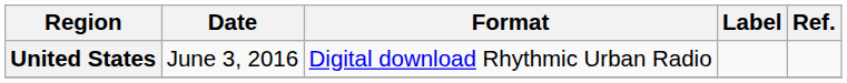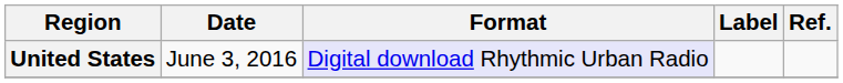 <table class="wikitable plainrowheaders">
 <tr>
 <th>Region</th>
 <th>Date</th>
 <th>Format</th>
 <th>Label</th>
 <th>Ref.</th>
 </tr>
 <tr>
 <th scope="row">United States</th>
 <td rowspan="1">June 3, 2016</td>
-<td rowspan="1"><a href='#'>Digital download</a> Rhythmic Urban Radio</td>
+<td rowspan="1" style="background: lavender;"><a href='#'>Digital download</a> Rhythmic Urban Radio</td>
 <td></td>
 <td></td>
 </tr>
 <tr>
 </tr>
 </table>
